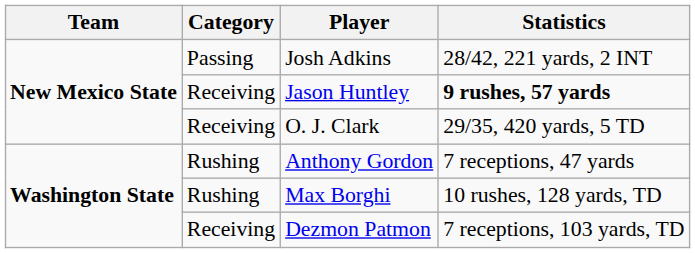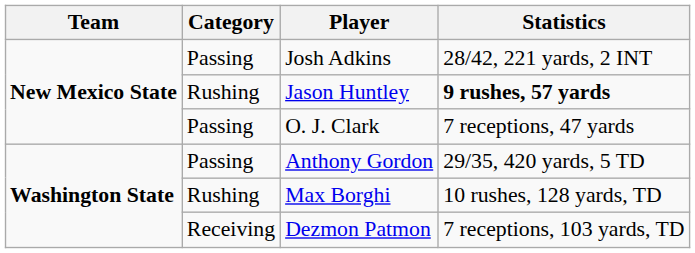 <table class="wikitable" style="float: right;">
 <tr>
 <th>Team</th>
 <th>Category</th>
 <th>Player</th>
 <th>Statistics</th>
 </tr>
 <tr>
 <td rowspan=3><strong>New Mexico State</strong></td>
 <td>Passing</td>
 <td>Josh Adkins</td>
 <td>28/42, 221 yards, 2 INT</td>
 </tr>
 <tr>
-<td>Receiving</td>
+<td>Rushing</td>
 <td><a href='#'>Jason Huntley</a></td>
 <td><strong>9 rushes, 57 yards</strong></td>
 </tr>
 <tr>
-<td>Receiving</td>
+<td>Passing</td>
 <td>O. J. Clark</td>
-<td>29/35, 420 yards, 5 TD</td>
+<td>7 receptions, 47 yards</td>
 </tr>
 <tr>
 <td rowspan=3><strong>Washington State</strong></td>
-<td>Rushing</td>
+<td>Passing</td>
 <td><a href='#'>Anthony Gordon</a></td>
-<td>7 receptions, 47 yards</td>
+<td>29/35, 420 yards, 5 TD</td>
 </tr>
 <tr>
 <td>Rushing</td>
 <td><a href='#'>Max Borghi</a></td>
 <td>10 rushes, 128 yards, TD</td>
 </tr>
 <tr>
 <td>Receiving</td>
 <td><a href='#'>Dezmon Patmon</a></td>
 <td>7 receptions, 103 yards, TD</td>
 </tr>
 </table>
